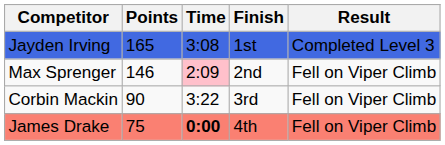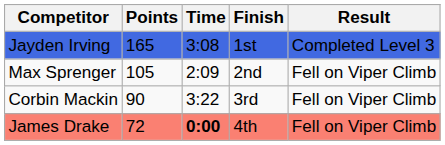 <table class="wikitable sortable">
 <tr>
 <th nowrap="nowrap">Competitor</th>
 <th>Points</th>
 <th>Time</th>
 <th>Finish</th>
 <th>Result</th>
 </tr>
 <tr style="background:royalblue;">
 <td>Jayden Irving</td>
 <td>165</td>
 <td>3:08</td>
 <td>1st</td>
 <td>Completed Level 3</td>
 </tr>
 <tr>
 <td>Max Sprenger</td>
-<td>146</td>
-<td style="background: pink;">2:09</td>
+<td>105</td>
+<td>2:09</td>
 <td>2nd</td>
 <td>Fell on Viper Climb</td>
 </tr>
 <tr>
 <td>Corbin Mackin</td>
 <td>90</td>
 <td>3:22</td>
 <td>3rd</td>
 <td>Fell on Viper Climb</td>
 </tr>
 <tr style="background-color:#fa8072">
 <td>James Drake</td>
-<td>75</td>
+<td>72</td>
 <td><strong>0:00</strong></td>
 <td>4th</td>
 <td>Fell on Viper Climb</td>
 </tr>
 </table>
